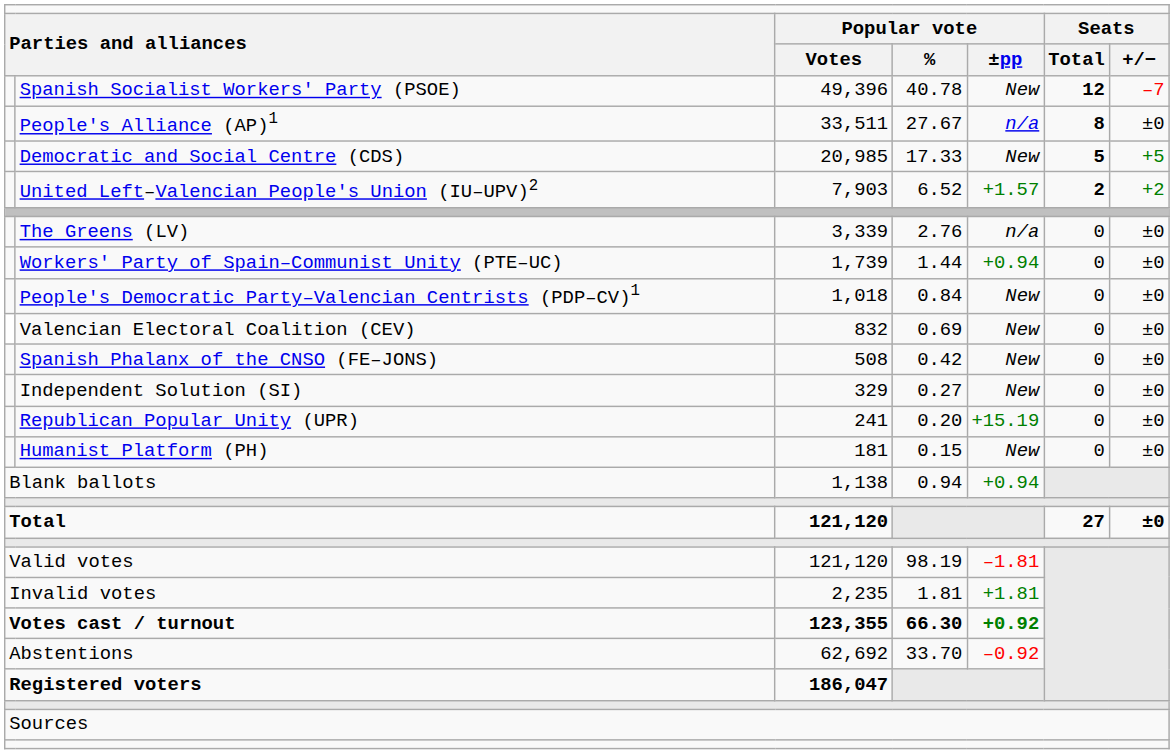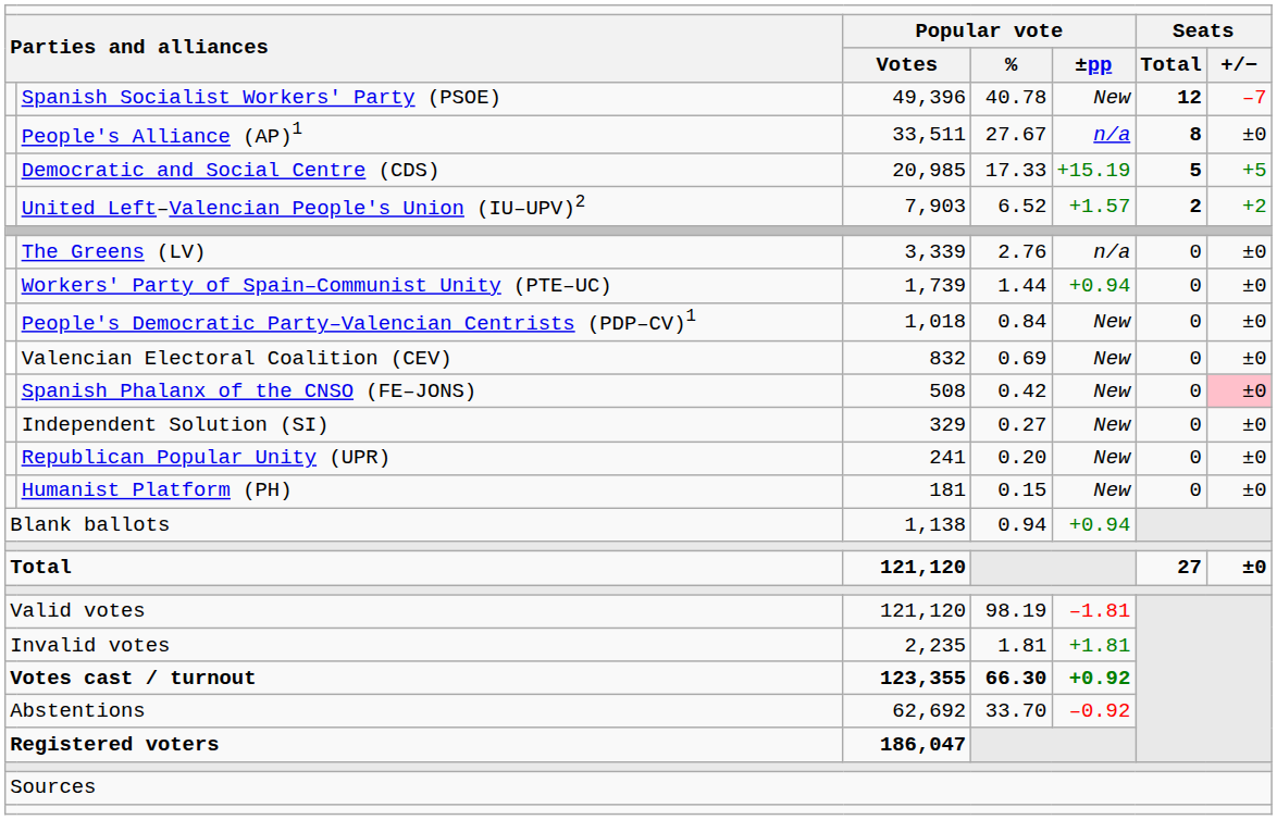 <table class="wikitable" style="text-align:right;">
 <tr>
 <td colspan="7"></td>
 </tr>
 <tr>
 <th style="text-align:left;" rowspan="2" colspan="2" width="525">Parties and alliances</th>
 <th colspan="3">Popular vote</th>
 <th colspan="2">Seats</th>
 </tr>
 <tr>
 <th width="75">Votes</th>
 <th width="45">%</th>
 <th width="45">±<a href='#'>pp</a></th>
 <th width="35">Total</th>
 <th width="35">+/−</th>
 </tr>
 <tr>
 <td width="1" style="color:inherit;background:"></td>
 <td align="left"><a href='#'>Spanish Socialist Workers' Party</a> (PSOE)</td>
 <td>49,396</td>
 <td>40.78</td>
 <td><em>New</em></td>
 <td><strong>12</strong></td>
 <td style="color:red;">–7</td>
 </tr>
 <tr>
 <td style="color:inherit;background:"></td>
 <td align="left"><a href='#'>People's Alliance</a> (AP)<sup>1</sup></td>
 <td>33,511</td>
 <td>27.67</td>
 <td><em><a href='#'>n/a</a></em></td>
 <td><strong>8</strong></td>
 <td>±0</td>
 </tr>
 <tr>
 <td style="color:inherit;background:"></td>
 <td align="left"><a href='#'>Democratic and Social Centre</a> (CDS)</td>
 <td>20,985</td>
 <td>17.33</td>
-<td><em>New</em></td>
+<td style="color:green;">+15.19</td>
 <td><strong>5</strong></td>
 <td style="color:green;">+5</td>
 </tr>
 <tr>
 <td style="color:inherit;background:"></td>
 <td align="left"><a href='#'>United Left</a>–<a href='#'>Valencian People's Union</a> (IU–UPV)<sup>2</sup></td>
 <td>7,903</td>
 <td>6.52</td>
 <td style="color:green;">+1.57</td>
 <td><strong>2</strong></td>
 <td style="color:green;">+2</td>
 </tr>
 <tr>
 <td colspan="7" bgcolor="#C0C0C0"></td>
 </tr>
 <tr>
 <td style="color:inherit;background:"></td>
 <td align="left"><a href='#'>The Greens</a> (LV)</td>
 <td>3,339</td>
 <td>2.76</td>
 <td><em>n/a</em></td>
 <td>0</td>
 <td>±0</td>
 </tr>
 <tr>
 <td style="color:inherit;background:"></td>
 <td align="left"><a href='#'>Workers' Party of Spain–Communist Unity</a> (PTE–UC)</td>
 <td>1,739</td>
 <td>1.44</td>
 <td style="color:green;">+0.94</td>
 <td>0</td>
 <td>±0</td>
 </tr>
 <tr>
 <td style="color:inherit;background:"></td>
 <td align="left"><a href='#'>People's Democratic Party–Valencian Centrists</a> (PDP–CV)<sup>1</sup></td>
 <td>1,018</td>
 <td>0.84</td>
 <td><em>New</em></td>
 <td>0</td>
 <td>±0</td>
 </tr>
 <tr>
 <td bgcolor="white"></td>
 <td align="left">Valencian Electoral Coalition (CEV)</td>
 <td>832</td>
 <td>0.69</td>
 <td><em>New</em></td>
 <td>0</td>
 <td>±0</td>
 </tr>
 <tr>
 <td style="color:inherit;background:"></td>
 <td align="left"><a href='#'>Spanish Phalanx of the CNSO</a> (FE–JONS)</td>
 <td>508</td>
 <td>0.42</td>
 <td><em>New</em></td>
 <td>0</td>
-<td>±0</td>
+<td style="background: pink;">±0</td>
 </tr>
 <tr>
 <td style="color:inherit;background:"></td>
 <td align="left">Independent Solution (SI)</td>
 <td>329</td>
 <td>0.27</td>
 <td><em>New</em></td>
 <td>0</td>
 <td>±0</td>
 </tr>
 <tr>
 <td style="color:inherit;background:"></td>
 <td align="left"><a href='#'>Republican Popular Unity</a> (UPR)</td>
 <td>241</td>
 <td>0.20</td>
-<td style="color:green;">+15.19</td>
+<td><em>New</em></td>
 <td>0</td>
 <td>±0</td>
 </tr>
 <tr>
 <td style="color:inherit;background:"></td>
 <td align="left"><a href='#'>Humanist Platform</a> (PH)</td>
 <td>181</td>
 <td>0.15</td>
 <td><em>New</em></td>
 <td>0</td>
 <td>±0</td>
 </tr>
 <tr>
 <td align="left" colspan="2">Blank ballots</td>
 <td>1,138</td>
 <td>0.94</td>
 <td style="color:green;">+0.94</td>
 <td bgcolor="#E9E9E9" colspan="2"></td>
 </tr>
 <tr>
 <td colspan="7" bgcolor="#E9E9E9"></td>
 </tr>
 <tr style="font-weight:bold;">
 <td align="left" colspan="2">Total</td>
 <td>121,120</td>
 <td bgcolor="#E9E9E9" colspan="2"></td>
 <td>27</td>
 <td>±0</td>
 </tr>
 <tr>
 <td colspan="7" bgcolor="#E9E9E9"></td>
 </tr>
 <tr>
 <td align="left" colspan="2">Valid votes</td>
 <td>121,120</td>
 <td>98.19</td>
 <td style="color:red;">–1.81</td>
 <td bgcolor="#E9E9E9" colspan="2" rowspan="5"></td>
 </tr>
 <tr>
 <td align="left" colspan="2">Invalid votes</td>
 <td>2,235</td>
 <td>1.81</td>
 <td style="color:green;">+1.81</td>
 </tr>
 <tr style="font-weight:bold;">
 <td align="left" colspan="2">Votes cast / turnout</td>
 <td>123,355</td>
 <td>66.30</td>
 <td style="color:green;">+0.92</td>
 </tr>
 <tr>
 <td align="left" colspan="2">Abstentions</td>
 <td>62,692</td>
 <td>33.70</td>
 <td style="color:red;">–0.92</td>
 </tr>
 <tr style="font-weight:bold;">
 <td align="left" colspan="2">Registered voters</td>
 <td>186,047</td>
 <td bgcolor="#E9E9E9" colspan="2"></td>
 </tr>
 <tr>
 <td colspan="7" bgcolor="#E9E9E9"></td>
 </tr>
 <tr>
 <td align="left" colspan="7">Sources</td>
 </tr>
 <tr>
 <td colspan="7" style="text-align:left; max-width:790px;"></td>
 </tr>
 </table>
